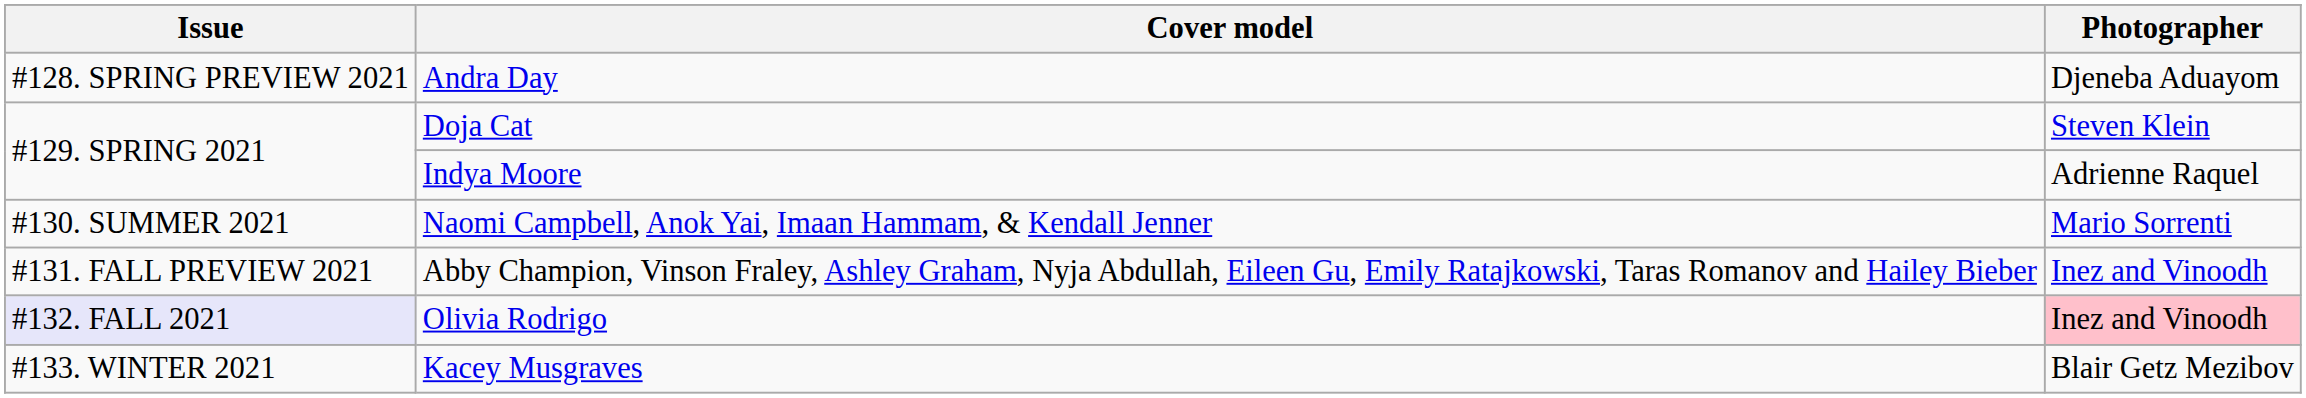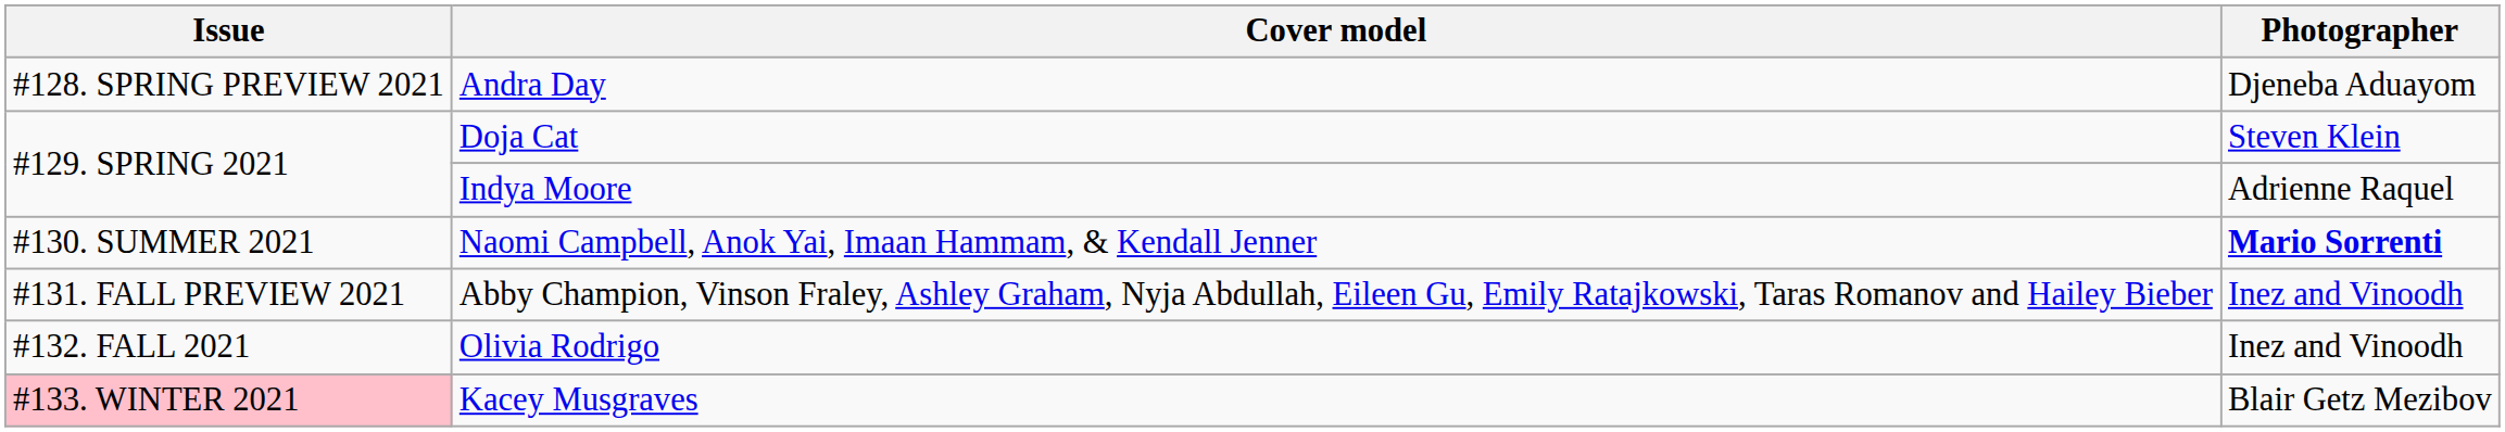 <table class="sortable wikitable">
 <tr>
 <th>Issue</th>
 <th>Cover model</th>
 <th>Photographer</th>
 </tr>
 <tr>
 <td>#128. SPRING PREVIEW 2021</td>
 <td><a href='#'>Andra Day</a></td>
 <td>Djeneba Aduayom</td>
 </tr>
 <tr>
 <td rowspan = 2>#129. SPRING 2021</td>
 <td><a href='#'>Doja Cat</a></td>
 <td><a href='#'>Steven Klein</a></td>
 </tr>
 <tr>
 <td><a href='#'>Indya Moore</a></td>
 <td>Adrienne Raquel</td>
 </tr>
 <tr>
 <td>#130. SUMMER 2021</td>
 <td><a href='#'>Naomi Campbell</a>, <a href='#'>Anok Yai</a>, <a href='#'>Imaan Hammam</a>, & <a href='#'>Kendall Jenner</a></td>
-<td><a href='#'>Mario Sorrenti</a></td>
+<td><strong><a href='#'>Mario Sorrenti</a></strong></td>
 </tr>
 <tr>
 <td>#131. FALL PREVIEW 2021</td>
 <td>Abby Champion, Vinson Fraley, <a href='#'>Ashley Graham</a>, Nyja Abdullah, <a href='#'>Eileen Gu</a>, <a href='#'>Emily Ratajkowski</a>, Taras Romanov and  <a href='#'>Hailey Bieber</a></td>
 <td><a href='#'>Inez and Vinoodh</a></td>
 </tr>
 <tr>
-<td style="background: lavender;">#132. FALL 2021</td>
+<td>#132. FALL 2021</td>
 <td><a href='#'>Olivia Rodrigo</a></td>
-<td style="background: pink;">Inez and Vinoodh</td>
+<td>Inez and Vinoodh</td>
 </tr>
 <tr>
-<td>#133. WINTER 2021</td>
+<td style="background: pink;">#133. WINTER 2021</td>
 <td><a href='#'>Kacey Musgraves</a></td>
 <td>Blair Getz Mezibov</td>
 </tr>
 </table>
